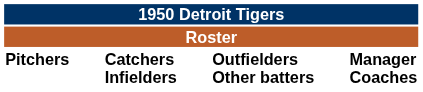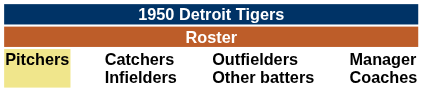 <table class="toccolours" style="font-size: 95%;">
 <tr>
 <th colspan="10" style="background-color: #003366; color: white; text-align: center;">1950 Detroit Tigers</th>
 </tr>
 <tr>
 <td colspan="10" style="background-color: #bd5d29; color: white; text-align: center;"><strong>Roster</strong></td>
 </tr>
 <tr>
-<td valign="top"><strong>Pitchers</strong><br>            </td>
+<td valign="top" style="background: khaki;"><strong>Pitchers</strong><br>            </td>
 <td width="25px"></td>
 <td valign="top"><strong>Catchers</strong><br>    <strong>Infielders</strong>       </td>
 <td width="25px"></td>
 <td valign="top"><strong>Outfielders</strong><br>     <strong>Other batters</strong> </td>
 <td width="25px"></td>
 <td valign="top"><strong>Manager</strong><br> <strong>Coaches</strong>   </td>
 </tr>
 </table>
